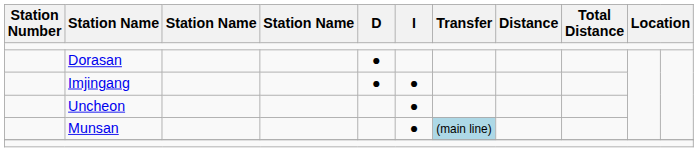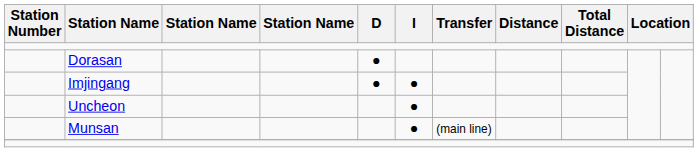 <table class="wikitable">
 <tr>
 <th>Station<br>Number</th>
 <th>Station Name<br></th>
 <th>Station Name<br></th>
 <th>Station Name<br></th>
 <th style="width:35px;">D</th>
 <th style="width:35px;">I</th>
 <th>Transfer</th>
 <th>Distance<br></th>
 <th>Total<br>Distance</th>
 <th colspan = "2">Location</th>
 </tr>
 <tr style="background:#">
 <td colspan = "11"></td>
 </tr>
 <tr>
 <td></td>
 <td><a href='#'>Dorasan</a></td>
 <td></td>
 <td></td>
 <td align=center>●</td>
 <td></td>
 <td></td>
 <td></td>
 <td></td>
 <td rowspan = "4"></td>
 <td rowspan = "4"></td>
 </tr>
 <tr>
 <td></td>
 <td><a href='#'>Imjingang</a></td>
 <td></td>
 <td></td>
 <td align=center>●</td>
 <td align=center>●</td>
 <td></td>
 <td></td>
 <td></td>
 </tr>
 <tr>
 <td></td>
 <td><a href='#'>Uncheon</a></td>
 <td></td>
 <td></td>
 <td align=center></td>
 <td align=center>●</td>
 <td></td>
 <td></td>
 <td></td>
 </tr>
 <tr>
 <td></td>
 <td><a href='#'>Munsan</a></td>
 <td></td>
 <td></td>
 <td align=center></td>
 <td align=center>●</td>
-<td style="background: lightblue;"> <small>(main line)</small></td>
+<td> <small>(main line)</small></td>
 <td></td>
 <td></td>
 </tr>
 <tr>
 </tr>
 <tr style="background:#">
 <td colspan = "11"></td>
 </tr>
 </table>
